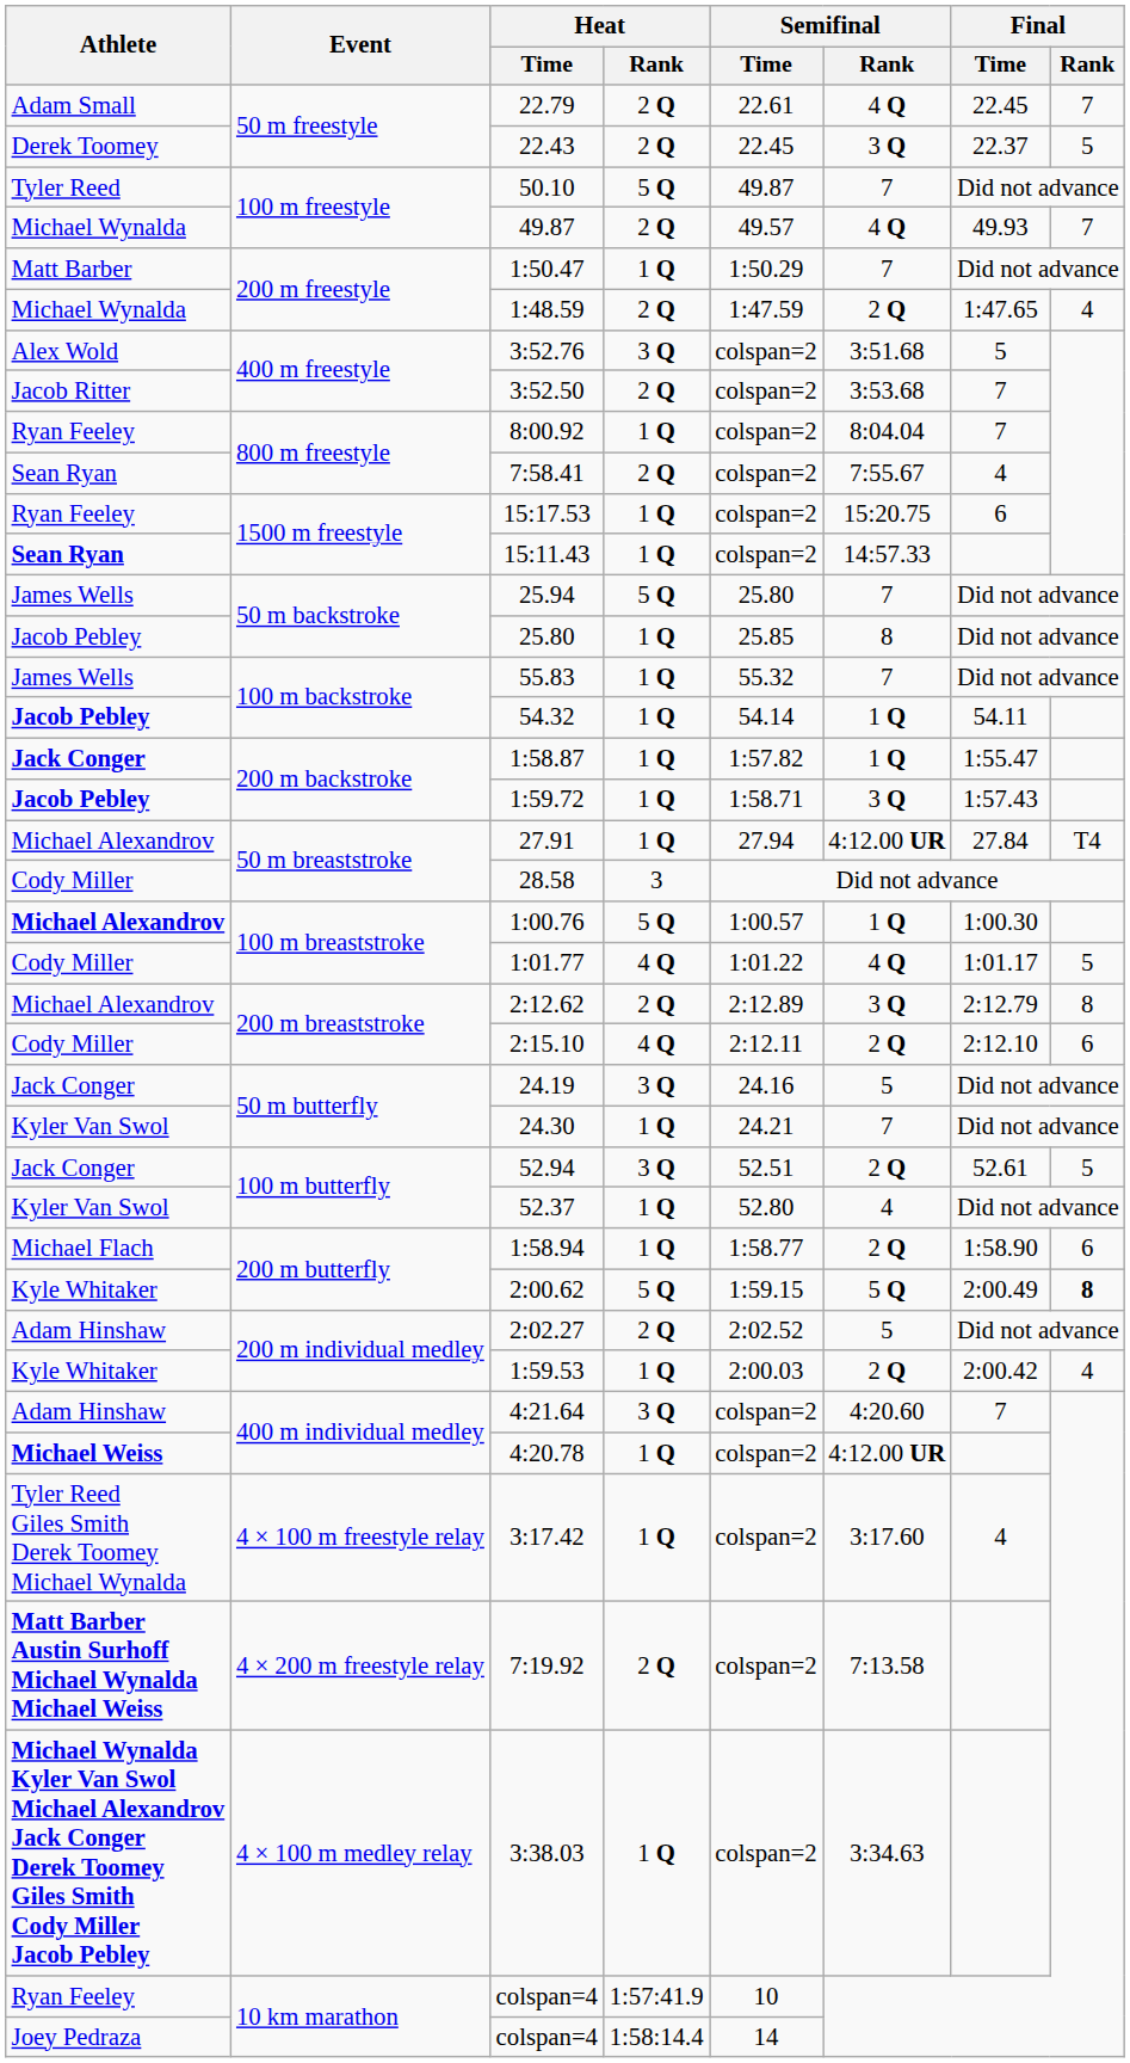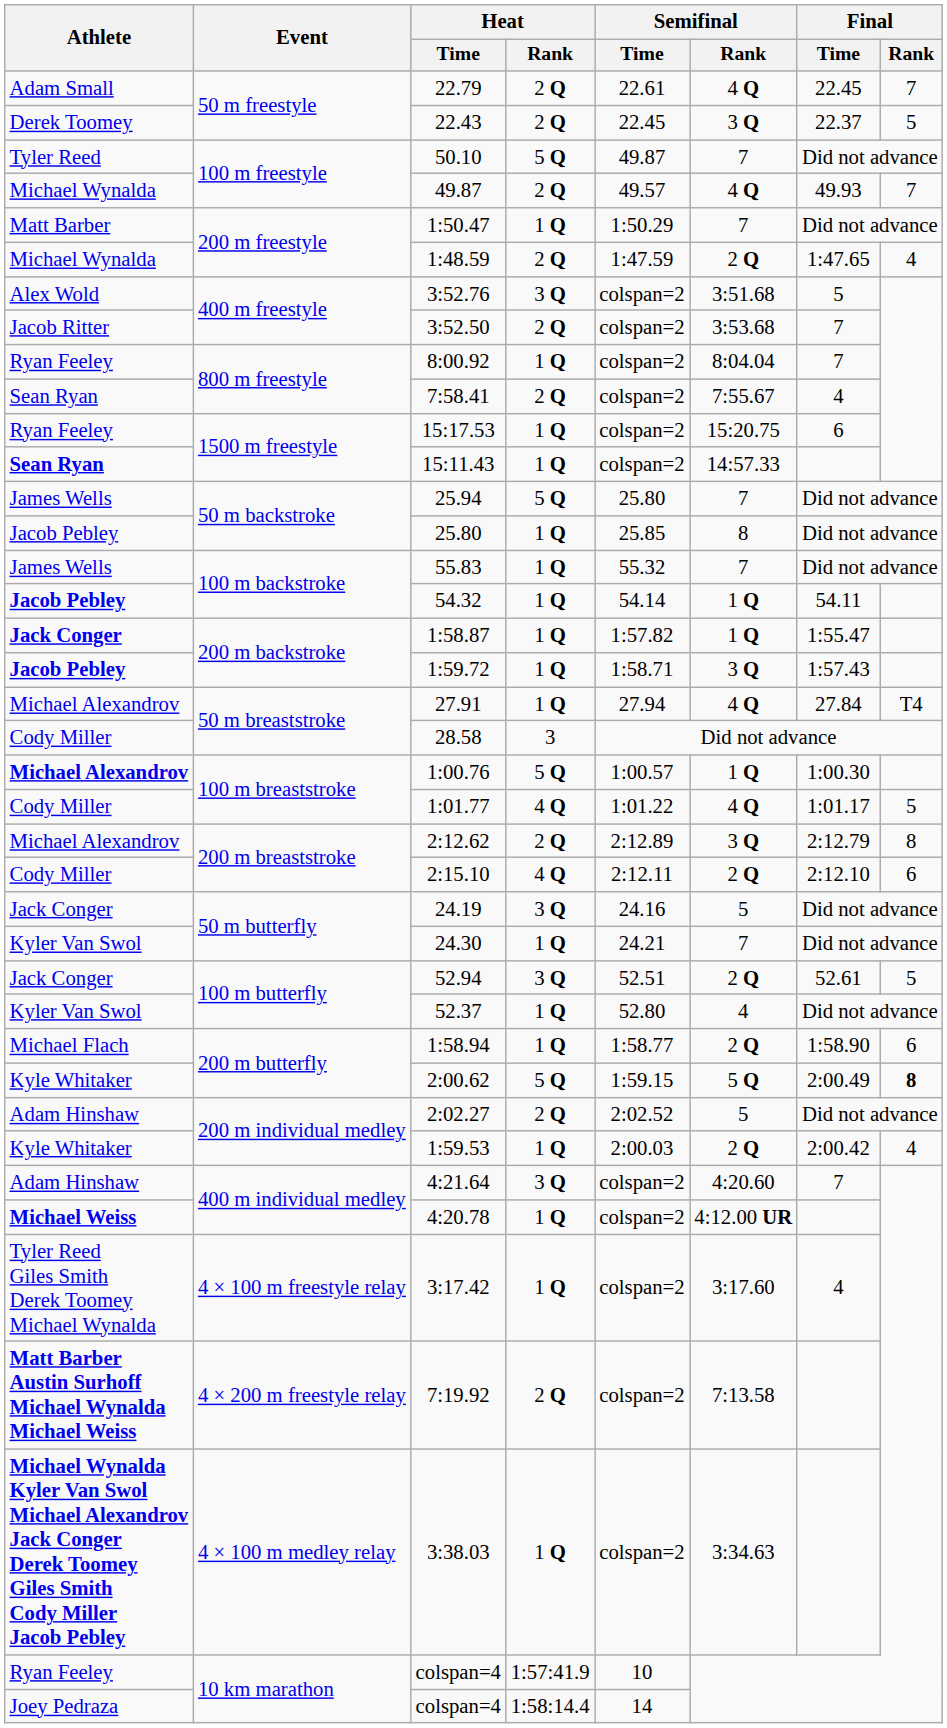 <table class=wikitable style="font-size:90%">
 <tr>
 <th rowspan=2>Athlete</th>
 <th rowspan=2>Event</th>
 <th colspan=2>Heat</th>
 <th colspan=2>Semifinal</th>
 <th colspan=2>Final</th>
 </tr>
 <tr style="font-size:95%">
 <th>Time</th>
 <th>Rank</th>
 <th>Time</th>
 <th>Rank</th>
 <th>Time</th>
 <th>Rank</th>
 </tr>
 <tr align=center>
 <td align=left><a href='#'>Adam Small</a></td>
 <td align=left rowspan=2><a href='#'>50 m freestyle</a></td>
 <td>22.79</td>
 <td>2 <strong>Q</strong></td>
 <td>22.61</td>
 <td>4 <strong>Q</strong></td>
 <td>22.45</td>
 <td>7</td>
 </tr>
 <tr align=center>
 <td align=left><a href='#'>Derek Toomey</a></td>
 <td>22.43</td>
 <td>2 <strong>Q</strong></td>
 <td>22.45</td>
 <td>3 <strong>Q</strong></td>
 <td>22.37</td>
 <td>5</td>
 </tr>
 <tr align=center>
 <td align=left><a href='#'>Tyler Reed</a></td>
 <td align=left rowspan=2><a href='#'>100 m freestyle</a></td>
 <td>50.10</td>
 <td>5 <strong>Q</strong></td>
 <td>49.87</td>
 <td>7</td>
 <td colspan=2 align=center>Did not advance</td>
 </tr>
 <tr align=center>
 <td align=left><a href='#'>Michael Wynalda</a></td>
 <td>49.87</td>
 <td>2 <strong>Q</strong></td>
 <td>49.57</td>
 <td>4 <strong>Q</strong></td>
 <td>49.93</td>
 <td>7</td>
 </tr>
 <tr align=center>
 <td align=left><a href='#'>Matt Barber</a></td>
 <td align=left rowspan=2><a href='#'>200 m freestyle</a></td>
 <td>1:50.47</td>
 <td>1 <strong>Q</strong></td>
 <td>1:50.29</td>
 <td>7</td>
 <td colspan=2 align=center>Did not advance</td>
 </tr>
 <tr align=center>
 <td align=left><a href='#'>Michael Wynalda</a></td>
 <td>1:48.59</td>
 <td>2 <strong>Q</strong></td>
 <td>1:47.59</td>
 <td>2 <strong>Q</strong></td>
 <td>1:47.65</td>
 <td>4</td>
 </tr>
 <tr align=center>
 <td align=left><a href='#'>Alex Wold</a></td>
 <td align=left rowspan=2><a href='#'>400 m freestyle</a></td>
 <td>3:52.76</td>
 <td>3 <strong>Q</strong></td>
 <td>colspan=2 </td>
 <td>3:51.68</td>
 <td>5</td>
 </tr>
 <tr align=center>
 <td align=left><a href='#'>Jacob Ritter</a></td>
 <td>3:52.50</td>
 <td>2 <strong>Q</strong></td>
 <td>colspan=2 </td>
 <td>3:53.68</td>
 <td>7</td>
 </tr>
 <tr align=center>
 <td align=left><a href='#'>Ryan Feeley</a></td>
 <td align=left rowspan=2><a href='#'>800 m freestyle</a></td>
 <td>8:00.92</td>
 <td>1 <strong>Q</strong></td>
 <td>colspan=2 </td>
 <td>8:04.04</td>
 <td>7</td>
 </tr>
 <tr align=center>
 <td align=left><a href='#'>Sean Ryan</a></td>
 <td>7:58.41</td>
 <td>2 <strong>Q</strong></td>
 <td>colspan=2 </td>
 <td>7:55.67</td>
 <td>4</td>
 </tr>
 <tr align=center>
 <td align=left><a href='#'>Ryan Feeley</a></td>
 <td align=left rowspan=2><a href='#'>1500 m freestyle</a></td>
 <td>15:17.53</td>
 <td>1 <strong>Q</strong></td>
 <td>colspan=2 </td>
 <td>15:20.75</td>
 <td>6</td>
 </tr>
 <tr align=center>
 <td align=left><strong><a href='#'>Sean Ryan</a></strong></td>
 <td>15:11.43</td>
 <td>1 <strong>Q</strong></td>
 <td>colspan=2 </td>
 <td>14:57.33</td>
 <td></td>
 </tr>
 <tr align=center>
 <td align=left><a href='#'>James Wells</a></td>
 <td align=left rowspan=2><a href='#'>50 m backstroke</a></td>
 <td>25.94</td>
 <td>5 <strong>Q</strong></td>
 <td>25.80</td>
 <td>7</td>
 <td colspan=2 align=center>Did not advance</td>
 </tr>
 <tr align=center>
 <td align=left><a href='#'>Jacob Pebley</a></td>
 <td>25.80</td>
 <td>1 <strong>Q</strong></td>
 <td>25.85</td>
 <td>8</td>
 <td colspan=2 align=center>Did not advance</td>
 </tr>
 <tr align=center>
 <td align=left><a href='#'>James Wells</a></td>
 <td align=left rowspan=2><a href='#'>100 m backstroke</a></td>
 <td>55.83</td>
 <td>1 <strong>Q</strong></td>
 <td>55.32</td>
 <td>7</td>
 <td colspan=2 align=center>Did not advance</td>
 </tr>
 <tr align=center>
 <td align=left><strong><a href='#'>Jacob Pebley</a></strong></td>
 <td>54.32</td>
 <td>1 <strong>Q</strong></td>
 <td>54.14</td>
 <td>1 <strong>Q</strong></td>
 <td>54.11</td>
 <td></td>
 </tr>
 <tr align=center>
 <td align=left><strong><a href='#'>Jack Conger</a></strong></td>
 <td align=left rowspan=2><a href='#'>200 m backstroke</a></td>
 <td>1:58.87</td>
 <td>1 <strong>Q</strong></td>
 <td>1:57.82</td>
 <td>1 <strong>Q</strong></td>
 <td>1:55.47</td>
 <td></td>
 </tr>
 <tr align=center>
 <td align=left><strong><a href='#'>Jacob Pebley</a></strong></td>
 <td>1:59.72</td>
 <td>1 <strong>Q</strong></td>
 <td>1:58.71</td>
 <td>3 <strong>Q</strong></td>
 <td>1:57.43</td>
 <td></td>
 </tr>
 <tr align=center>
 <td align=left><a href='#'>Michael Alexandrov</a></td>
 <td align=left rowspan=2><a href='#'>50 m breaststroke</a></td>
 <td>27.91</td>
 <td>1 <strong>Q</strong></td>
 <td>27.94</td>
-<td>4:12.00 <strong>UR</strong></td>
+<td>4 <strong>Q</strong></td>
 <td>27.84</td>
 <td>T4</td>
 </tr>
 <tr align=center>
 <td align=left><a href='#'>Cody Miller</a></td>
 <td>28.58</td>
 <td>3</td>
 <td colspan=4 align=center>Did not advance</td>
 </tr>
 <tr align=center>
 <td align=left><strong><a href='#'>Michael Alexandrov</a></strong></td>
 <td align=left rowspan=2><a href='#'>100 m breaststroke</a></td>
 <td>1:00.76</td>
 <td>5 <strong>Q</strong></td>
 <td>1:00.57</td>
 <td>1 <strong>Q</strong></td>
 <td>1:00.30</td>
 <td></td>
 </tr>
 <tr align=center>
 <td align=left><a href='#'>Cody Miller</a></td>
 <td>1:01.77</td>
 <td>4 <strong>Q</strong></td>
 <td>1:01.22</td>
 <td>4 <strong>Q</strong></td>
 <td>1:01.17</td>
 <td>5</td>
 </tr>
 <tr align=center>
 <td align=left><a href='#'>Michael Alexandrov</a></td>
 <td align=left rowspan=2><a href='#'>200 m breaststroke</a></td>
 <td>2:12.62</td>
 <td>2 <strong>Q</strong></td>
 <td>2:12.89</td>
 <td>3 <strong>Q</strong></td>
 <td>2:12.79</td>
 <td>8</td>
 </tr>
 <tr align=center>
 <td align=left><a href='#'>Cody Miller</a></td>
 <td>2:15.10</td>
 <td>4 <strong>Q</strong></td>
 <td>2:12.11</td>
 <td>2 <strong>Q</strong></td>
 <td>2:12.10</td>
 <td>6</td>
 </tr>
 <tr align=center>
 <td align=left><a href='#'>Jack Conger</a></td>
 <td align=left rowspan=2><a href='#'>50 m butterfly</a></td>
 <td>24.19</td>
 <td>3 <strong>Q</strong></td>
 <td>24.16</td>
 <td>5</td>
 <td colspan=2 align=center>Did not advance</td>
 </tr>
 <tr align=center>
 <td align=left><a href='#'>Kyler Van Swol</a></td>
 <td>24.30</td>
 <td>1 <strong>Q</strong></td>
 <td>24.21</td>
 <td>7</td>
 <td colspan=2 align=center>Did not advance</td>
 </tr>
 <tr align=center>
 <td align=left><a href='#'>Jack Conger</a></td>
 <td align=left rowspan=2><a href='#'>100 m butterfly</a></td>
 <td>52.94</td>
 <td>3 <strong>Q</strong></td>
 <td>52.51</td>
 <td>2 <strong>Q</strong></td>
 <td>52.61</td>
 <td>5</td>
 </tr>
 <tr align=center>
 <td align=left><a href='#'>Kyler Van Swol</a></td>
 <td>52.37</td>
 <td>1 <strong>Q</strong></td>
 <td>52.80</td>
 <td>4</td>
 <td colspan=2 align=center>Did not advance</td>
 </tr>
 <tr align=center>
 <td align=left><a href='#'>Michael Flach</a></td>
 <td align=left rowspan=2><a href='#'>200 m butterfly</a></td>
 <td>1:58.94</td>
 <td>1 <strong>Q</strong></td>
 <td>1:58.77</td>
 <td>2 <strong>Q</strong></td>
 <td>1:58.90</td>
 <td>6</td>
 </tr>
 <tr align=center>
 <td align=left><a href='#'>Kyle Whitaker</a></td>
 <td>2:00.62</td>
 <td>5 <strong>Q</strong></td>
 <td>1:59.15</td>
 <td>5 <strong>Q</strong></td>
 <td>2:00.49</td>
 <td><strong>8</strong></td>
 </tr>
 <tr align=center>
 <td align=left><a href='#'>Adam Hinshaw</a></td>
 <td align=left rowspan=2><a href='#'>200 m individual medley</a></td>
 <td>2:02.27</td>
 <td>2 <strong>Q</strong></td>
 <td>2:02.52</td>
 <td>5</td>
 <td colspan=2 align=center>Did not advance</td>
 </tr>
 <tr align=center>
 <td align=left><a href='#'>Kyle Whitaker</a></td>
 <td>1:59.53</td>
 <td>1 <strong>Q</strong></td>
 <td>2:00.03</td>
 <td>2 <strong>Q</strong></td>
 <td>2:00.42</td>
 <td>4</td>
 </tr>
 <tr align=center>
 <td align=left><a href='#'>Adam Hinshaw</a></td>
 <td align=left rowspan=2><a href='#'>400 m individual medley</a></td>
 <td>4:21.64</td>
 <td>3 <strong>Q</strong></td>
 <td>colspan=2 </td>
 <td>4:20.60</td>
 <td>7</td>
 </tr>
 <tr align=center>
 <td align=left><strong><a href='#'>Michael Weiss</a></strong></td>
 <td>4:20.78</td>
 <td>1 <strong>Q</strong></td>
 <td>colspan=2 </td>
 <td>4:12.00 <strong>UR</strong></td>
 <td></td>
 </tr>
 <tr align=center>
 <td align=left><a href='#'>Tyler Reed</a> <br> <a href='#'>Giles Smith</a> <br> <a href='#'>Derek Toomey</a> <br> <a href='#'>Michael Wynalda</a></td>
 <td align=left><a href='#'>4 × 100 m freestyle relay</a></td>
 <td>3:17.42</td>
 <td>1 <strong>Q</strong></td>
 <td>colspan=2 </td>
 <td>3:17.60</td>
 <td>4</td>
 </tr>
 <tr align=center>
 <td align=left><strong><a href='#'>Matt Barber</a> <br> <a href='#'>Austin Surhoff</a> <br> <a href='#'>Michael Wynalda</a> <br> <a href='#'>Michael Weiss</a></strong></td>
 <td align=left><a href='#'>4 × 200 m freestyle relay</a></td>
 <td>7:19.92</td>
 <td>2 <strong>Q</strong></td>
 <td>colspan=2 </td>
 <td>7:13.58</td>
 <td></td>
 </tr>
 <tr align=center>
 <td align=left><strong><a href='#'>Michael Wynalda</a> <br> <a href='#'>Kyler Van Swol</a> <br> <a href='#'>Michael Alexandrov</a> <br> <a href='#'>Jack Conger</a> <br> <a href='#'>Derek Toomey</a> <br> <a href='#'>Giles Smith</a> <br> <a href='#'>Cody Miller</a> <br> <a href='#'>Jacob Pebley</a></strong></td>
 <td align=left><a href='#'>4 × 100 m medley relay</a></td>
 <td>3:38.03</td>
 <td>1 <strong>Q</strong></td>
 <td>colspan=2 </td>
 <td>3:34.63</td>
 <td></td>
 </tr>
 <tr align=center>
 <td align=left><a href='#'>Ryan Feeley</a></td>
 <td align=left rowspan=2><a href='#'>10 km marathon</a></td>
 <td>colspan=4 </td>
 <td>1:57:41.9</td>
 <td>10</td>
 </tr>
 <tr align=center>
 <td align=left><a href='#'>Joey Pedraza</a></td>
 <td>colspan=4 </td>
 <td>1:58:14.4</td>
 <td>14</td>
 </tr>
 </table>
